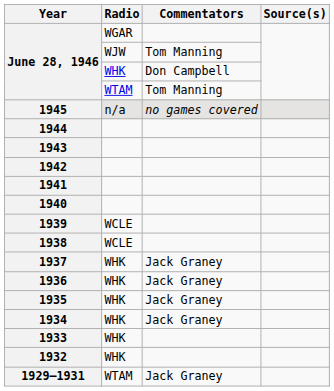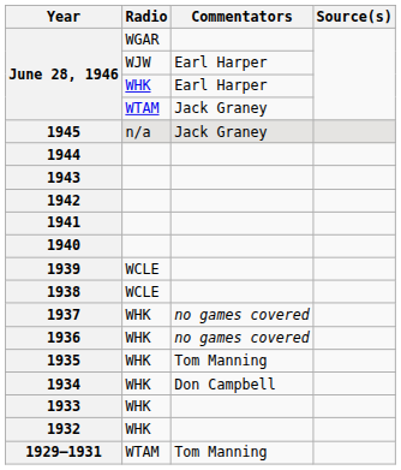 <table class="wikitable">
 <tr>
 <th scope="col">Year</th>
 <th scope="col">Radio</th>
 <th scope="col">Commentators</th>
 <th scope="col">Source(s)</th>
 </tr>
 <tr>
 <th rowspan="4" scope="row">June 28, 1946</th>
 <td>WGAR</td>
 <td></td>
 <td rowspan="4"></td>
 </tr>
 <tr>
 <td>WJW</td>
-<td>Tom Manning</td>
+<td>Earl Harper</td>
 </tr>
 <tr>
 <td><a href='#'>WHK</a></td>
-<td>Don Campbell</td>
+<td>Earl Harper</td>
 </tr>
 <tr>
 <td><a href='#'>WTAM</a></td>
-<td>Tom Manning</td>
+<td>Jack Graney</td>
 </tr>
 <tr style="background-color:#e5e4e2;">
 <th scope = "row">1945</th>
 <td>n/a</td>
-<td><em>no games covered</em></td>
+<td>Jack Graney</td>
 <td></td>
 </tr>
 <tr>
 <th scope="row">1944</th>
 <td></td>
 <td></td>
 <td></td>
 </tr>
 <tr>
 <th scope="row">1943</th>
 <td></td>
 <td></td>
 <td></td>
 </tr>
 <tr>
 <th scope="row">1942</th>
 <td></td>
 <td></td>
 <td></td>
 </tr>
 <tr>
 <th scope="row">1941</th>
 <td></td>
 <td></td>
 <td></td>
 </tr>
 <tr>
 <th scope="row">1940</th>
 <td></td>
 <td></td>
 <td></td>
 </tr>
 <tr>
 <th scope="row">1939</th>
 <td>WCLE</td>
 <td></td>
 <td></td>
 </tr>
 <tr>
 <th scope="row">1938</th>
 <td>WCLE</td>
 <td></td>
 <td></td>
 </tr>
 <tr>
 <th scope="row">1937</th>
 <td>WHK</td>
-<td>Jack Graney</td>
+<td><em>no games covered</em></td>
 <td></td>
 </tr>
 <tr>
 <th scope="row">1936</th>
 <td>WHK</td>
-<td>Jack Graney</td>
+<td><em>no games covered</em></td>
 <td></td>
 </tr>
 <tr>
 <th scope="row">1935</th>
 <td>WHK</td>
-<td>Jack Graney</td>
+<td>Tom Manning</td>
 <td></td>
 </tr>
 <tr>
 <th scope="row">1934</th>
 <td>WHK</td>
-<td>Jack Graney</td>
+<td>Don Campbell</td>
 <td></td>
 </tr>
 <tr>
 <th scope="row">1933</th>
 <td>WHK</td>
 <td></td>
 <td></td>
 </tr>
 <tr>
 <th scope="row">1932</th>
 <td>WHK</td>
 <td></td>
 <td></td>
 </tr>
 <tr>
 <th scope = "row">1929–1931</th>
 <td>WTAM</td>
-<td>Jack Graney</td>
+<td>Tom Manning</td>
 <td></td>
 </tr>
 </table>
